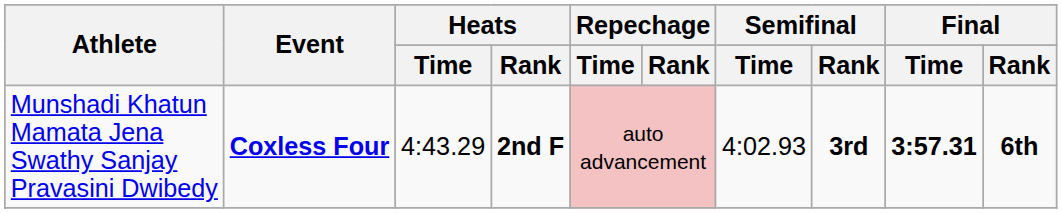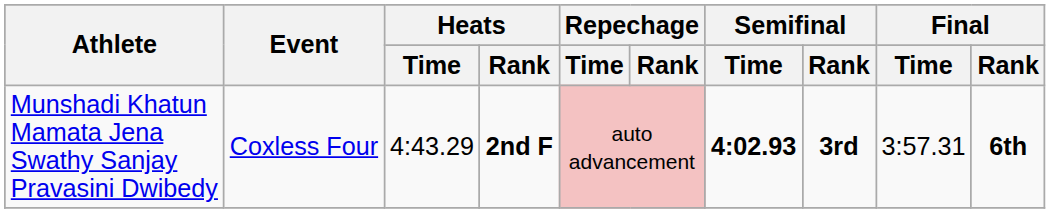 <table class=wikitable style="font-size:90%">
 <tr>
 <th rowspan=2>Athlete</th>
 <th rowspan=2>Event</th>
 <th colspan=2>Heats</th>
 <th colspan=2>Repechage</th>
 <th colspan=2>Semifinal</th>
 <th colspan=2>Final</th>
 </tr>
 <tr>
 <th>Time</th>
 <th>Rank</th>
 <th>Time</th>
 <th>Rank</th>
 <th>Time</th>
 <th>Rank</th>
 <th>Time</th>
 <th>Rank</th>
 </tr>
 <tr>
 <td><a href='#'>Munshadi Khatun</a><br><a href='#'>Mamata Jena</a><br><a href='#'>Swathy Sanjay</a><br><a href='#'>Pravasini Dwibedy</a></td>
-<td><strong><a href='#'>Coxless Four</a></strong></td>
+<td><a href='#'>Coxless Four</a></td>
 <td align=center>4:43.29</td>
 <td align=center><strong>2nd F</strong></td>
 <td colspan="2" style="text-align:center; background:#f4c2c2;"><small>auto<br>advancement</small></td>
-<td align=center>4:02.93</td>
+<td align=center><strong>4:02.93</strong></td>
 <td align=center><strong>3rd</strong></td>
-<td align=center><strong>3:57.31</strong></td>
+<td align=center>3:57.31</td>
 <td align=center><strong>6th</strong></td>
 </tr>
 </table>
